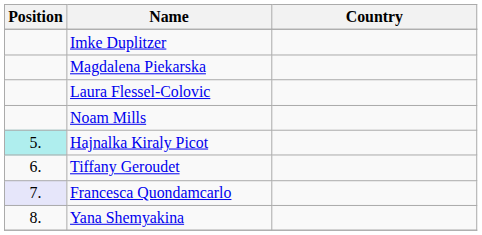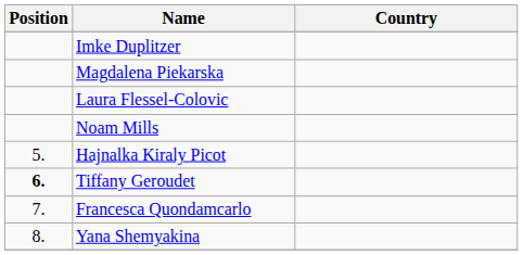 <table class="wikitable">
 <tr>
 <th width="20">Position</th>
 <th width="200">Name</th>
 <th width="200">Country</th>
 </tr>
 <tr>
 </tr>
 <tr>
 <td align="center"></td>
 <td><a href='#'>Imke Duplitzer</a></td>
 <td></td>
 </tr>
 <tr>
 <td align="center"></td>
 <td><a href='#'>Magdalena Piekarska</a></td>
 <td></td>
 </tr>
 <tr>
 <td align="center"></td>
 <td><a href='#'>Laura Flessel-Colovic</a></td>
 <td></td>
 </tr>
 <tr>
 <td align="center"></td>
 <td><a href='#'>Noam Mills</a></td>
 <td></td>
 </tr>
 <tr>
-<td align="center" style="background: paleturquoise;">5.</td>
+<td align="center">5.</td>
 <td><a href='#'>Hajnalka Kiraly Picot</a></td>
 <td></td>
 </tr>
 <tr>
-<td align="center">6.</td>
+<td align="center"><strong>6.</strong></td>
 <td><a href='#'>Tiffany Geroudet</a></td>
 <td></td>
 </tr>
 <tr>
-<td align="center" style="background: lavender;">7.</td>
+<td align="center">7.</td>
 <td><a href='#'>Francesca Quondamcarlo</a></td>
 <td></td>
 </tr>
 <tr>
 <td align="center">8.</td>
 <td><a href='#'>Yana Shemyakina</a></td>
 <td></td>
 </tr>
 <tr>
 </tr>
 </table>
